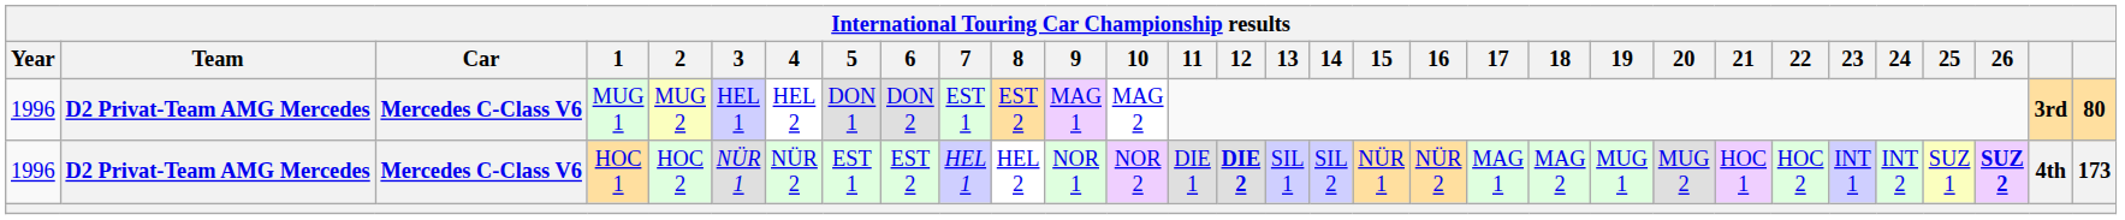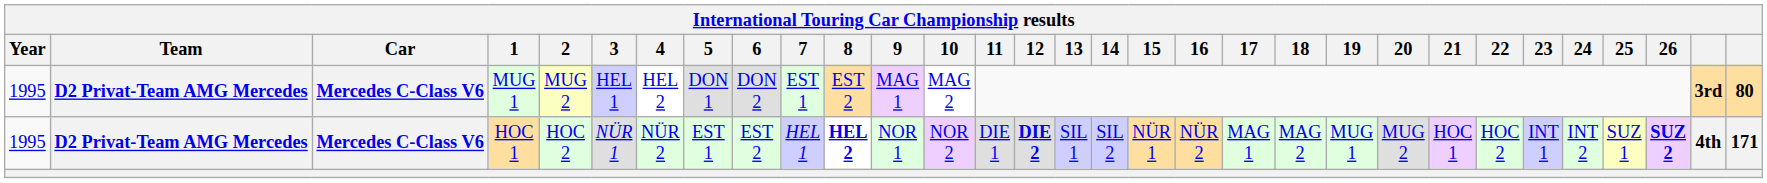 <table class="wikitable" style="text-align:center; font-size:85%">
 <tr>
 <th colspan=31><a href='#'>International Touring Car Championship</a> results</th>
 </tr>
 <tr>
 <th scope="col">Year</th>
 <th scope="col">Team</th>
 <th scope="col">Car</th>
 <th scope="col">1</th>
 <th scope="col">2</th>
 <th scope="col">3</th>
 <th scope="col">4</th>
 <th scope="col">5</th>
 <th scope="col">6</th>
 <th scope="col">7</th>
 <th scope="col">8</th>
 <th scope="col">9</th>
 <th scope="col">10</th>
 <th scope="col">11</th>
 <th scope="col">12</th>
 <th scope="col">13</th>
 <th scope="col">14</th>
 <th scope="col">15</th>
 <th scope="col">16</th>
 <th scope="col">17</th>
 <th scope="col">18</th>
 <th scope="col">19</th>
 <th scope="col">20</th>
 <th scope="col">21</th>
 <th scope="col">22</th>
 <th scope="col">23</th>
 <th scope="col">24</th>
 <th scope="col">25</th>
 <th scope="col">26</th>
 <th scope="col"></th>
 <th scope="col"></th>
 </tr>
 <tr>
-<td><a href='#'>1996</a></td>
+<td><a href='#'>1995</a></td>
 <th nowrap><a href='#'>D2 Privat-Team AMG Mercedes</a></th>
 <th nowrap><a href='#'>Mercedes C-Class V6</a></th>
 <td style="background:#DFFFDF;"><a href='#'>MUG<br>1</a><br></td>
 <td style="background:#FBFFBF;"><a href='#'>MUG<br>2</a><br></td>
 <td style="background:#CFCFFF;"><a href='#'>HEL<br>1</a><br></td>
 <td style="background:#FFFFFF;"><a href='#'>HEL<br>2</a><br></td>
 <td style="background:#DFDFDF;"><a href='#'>DON<br>1</a><br></td>
 <td style="background:#DFDFDF;"><a href='#'>DON<br>2</a><br></td>
 <td style="background:#DFFFDF;"><a href='#'>EST<br>1</a><br></td>
 <td style="background:#FFDF9F;"><a href='#'>EST<br>2</a><br></td>
 <td style="background:#EFCFFF;"><a href='#'>MAG<br>1</a><br></td>
 <td style="background:#FFFFFF;"><a href='#'>MAG<br>2</a><br></td>
 <td colspan=16></td>
 <th style="background:#FFDF9F;">3rd</th>
 <th style="background:#FFDF9F;">80</th>
 </tr>
 <tr>
-<td><a href='#'>1996</a></td>
+<td><a href='#'>1995</a></td>
 <th nowrap><a href='#'>D2 Privat-Team AMG Mercedes</a></th>
 <th nowrap><a href='#'>Mercedes C-Class V6</a></th>
 <td style="background:#FFDF9F;"><a href='#'>HOC<br>1</a><br></td>
 <td style="background:#DFFFDF;"><a href='#'>HOC<br>2</a><br></td>
 <td style="background:#DFDFDF;"><em><a href='#'>NÜR<br>1</a></em><br></td>
 <td style="background:#DFFFDF;"><a href='#'>NÜR<br>2</a><br></td>
 <td style="background:#DFFFDF;"><a href='#'>EST<br>1</a><br></td>
 <td style="background:#DFFFDF;"><a href='#'>EST<br>2</a><br></td>
 <td style="background:#CFCFFF;"><em><a href='#'>HEL<br>1</a></em><br></td>
-<td style="background:#FFFFFF;"><a href='#'>HEL<br>2</a><br></td>
+<td style="background:#FFFFFF;"><strong><a href='#'>HEL<br>2</a><br></strong></td>
 <td style="background:#DFFFDF;"><a href='#'>NOR<br>1</a><br></td>
 <td style="background:#EFCFFF;"><a href='#'>NOR<br>2</a><br></td>
 <td style="background:#DFDFDF;"><a href='#'>DIE<br>1</a><br></td>
 <td style="background:#DFDFDF;"><strong><a href='#'>DIE<br>2</a><br></strong></td>
 <td style="background:#CFCFFF;"><a href='#'>SIL<br>1</a><br></td>
 <td style="background:#CFCFFF;"><a href='#'>SIL<br>2</a><br></td>
 <td style="background:#FFDF9F;"><a href='#'>NÜR<br>1</a><br></td>
 <td style="background:#FFDF9F;"><a href='#'>NÜR<br>2</a><br></td>
 <td style="background:#DFFFDF;"><a href='#'>MAG<br>1</a><br></td>
 <td style="background:#DFFFDF;"><a href='#'>MAG<br>2</a><br></td>
 <td style="background:#DFFFDF;"><a href='#'>MUG<br>1</a><br></td>
 <td style="background:#DFDFDF;"><a href='#'>MUG<br>2</a><br></td>
 <td style="background:#EFCFFF;"><a href='#'>HOC<br>1</a><br></td>
 <td style="background:#DFFFDF;"><a href='#'>HOC<br>2</a><br></td>
 <td style="background:#CFCFFF;"><a href='#'>INT<br>1</a><br></td>
 <td style="background:#DFFFDF;"><a href='#'>INT<br>2</a><br></td>
 <td style="background:#FBFFBF;"><a href='#'>SUZ<br>1</a><br></td>
 <td style="background:#EFCFFF;"><strong><a href='#'>SUZ<br>2</a></strong><br></td>
 <th>4th</th>
-<th>173</th>
+<th>171</th>
 </tr>
 <tr>
 <th colspan="31"></th>
 </tr>
 </table>
